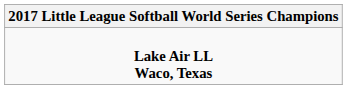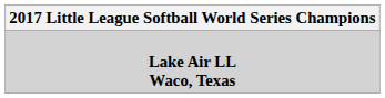 <table class="wikitable" style="text-align: center; margin: 0 auto;">
 <tr>
 <th>2017 Little League Softball World Series Champions</th>
 </tr>
 <tr>
-<td> <br><strong>Lake Air LL</strong><br><strong>Waco, Texas</strong></td>
+<td style="background: lightgrey;"> <br><strong>Lake Air LL</strong><br><strong>Waco, Texas</strong></td>
 </tr>
 </table>
